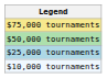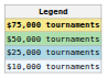 <table class="wikitable" style="font-size:90%;">
 <tr>
 <th>Legend</th>
 </tr>
 <tr style="background:#f7e98e;">
-<td>$75,000 tournaments</td>
+<td><strong>$75,000 tournaments</strong></td>
 </tr>
 <tr style="background:#addfad;">
 <td>$50,000 tournaments</td>
 </tr>
 <tr style="background:lightblue;">
 <td>$25,000 tournaments</td>
 </tr>
 <tr style="background:#f0f8ff;">
 <td>$10,000 tournaments</td>
 </tr>
 </table>
